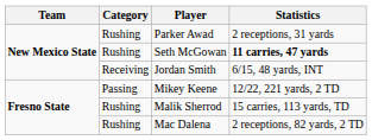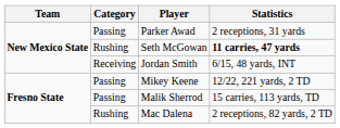 <table class="wikitable" style="float: right;">
 <tr>
 <th>Team</th>
 <th>Category</th>
 <th>Player</th>
 <th>Statistics</th>
 </tr>
 <tr>
 <td rowspan=3><strong>New Mexico State</strong></td>
-<td>Rushing</td>
+<td>Passing</td>
 <td>Parker Awad</td>
 <td>2 receptions, 31 yards</td>
 </tr>
 <tr>
 <td>Rushing</td>
 <td>Seth McGowan</td>
 <td><strong>11 carries, 47 yards</strong></td>
 </tr>
 <tr>
 <td>Receiving</td>
 <td>Jordan Smith</td>
 <td>6/15, 48 yards, INT</td>
 </tr>
 <tr>
 <td rowspan=3><strong>Fresno State</strong></td>
 <td>Passing</td>
 <td>Mikey Keene</td>
 <td>12/22, 221 yards, 2 TD</td>
 </tr>
 <tr>
-<td>Rushing</td>
+<td>Passing</td>
 <td>Malik Sherrod</td>
 <td>15 carries, 113 yards, TD</td>
 </tr>
 <tr>
 <td>Rushing</td>
 <td>Mac Dalena</td>
 <td>2 receptions, 82 yards, 2 TD</td>
 </tr>
 </table>
